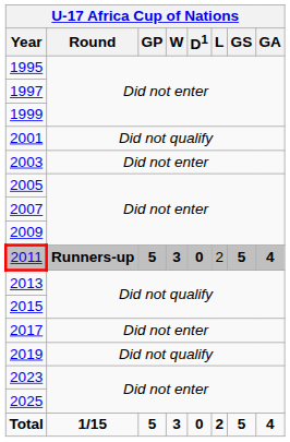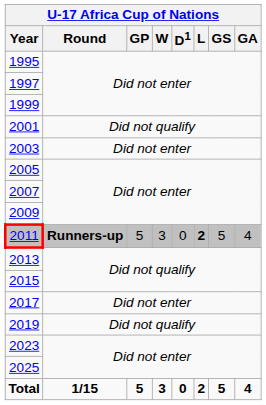 <table class="wikitable" style="text-align: center;">
 <tr>
 <th colspan=8><a href='#'>U-17 Africa Cup of Nations</a></th>
 </tr>
 <tr>
 <th>Year</th>
 <th>Round</th>
 <th>GP</th>
 <th>W</th>
 <th>D<sup>1</sup></th>
 <th>L</th>
 <th>GS</th>
 <th>GA</th>
 </tr>
 <tr>
 <td> <a href='#'>1995</a></td>
 <td rowspan=3 colspan=7><em>Did not enter</em></td>
 </tr>
 <tr>
 <td> <a href='#'>1997</a></td>
 </tr>
 <tr>
 <td> <a href='#'>1999</a></td>
 </tr>
 <tr>
 <td> <a href='#'>2001</a></td>
 <td colspan=7><em>Did not qualify</em></td>
 </tr>
 <tr>
 <td> <a href='#'>2003</a></td>
 <td colspan=7><em>Did not enter</em></td>
 </tr>
 <tr>
 <td> <a href='#'>2005</a></td>
 <td rowspan=3 colspan=7><em>Did not enter</em></td>
 </tr>
 <tr>
 <td> <a href='#'>2007</a></td>
 </tr>
 <tr>
 <td> <a href='#'>2009</a></td>
 </tr>
 <tr bgcolor=silver>
 <td style="border: 3px solid red"> <a href='#'>2011</a></td>
 <td><strong>Runners-up</strong></td>
-<td><strong>5</strong></td>
-<td><strong>3</strong></td>
-<td><strong>0</strong></td>
-<td>2</td>
-<td><strong>5</strong></td>
-<td><strong>4</strong></td>
+<td>5</td>
+<td>3</td>
+<td>0</td>
+<td><strong>2</strong></td>
+<td>5</td>
+<td>4</td>
 </tr>
 <tr>
 <td> <a href='#'>2013</a></td>
 <td rowspan=2 colspan=7><em>Did not qualify</em></td>
 </tr>
 <tr>
 <td> <a href='#'>2015</a></td>
 </tr>
 <tr>
 <td> <a href='#'>2017</a></td>
 <td colspan=7><em>Did not enter</em></td>
 </tr>
 <tr>
 <td> <a href='#'>2019</a></td>
 <td colspan=7><em>Did not qualify</em></td>
 </tr>
 <tr>
 <td> <a href='#'>2023</a></td>
 <td rowspan=2 colspan=7><em>Did not enter</em></td>
 </tr>
 <tr>
 <td> <a href='#'>2025</a></td>
 </tr>
 <tr>
 <td><strong>Total</strong></td>
 <td><strong>1/15</strong></td>
 <td><strong>5</strong></td>
 <td><strong>3</strong></td>
 <td><strong>0</strong></td>
 <td><strong>2</strong></td>
 <td><strong>5</strong></td>
 <td><strong>4</strong></td>
 </tr>
 </table>
